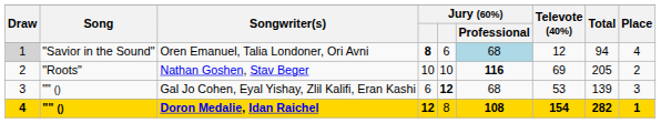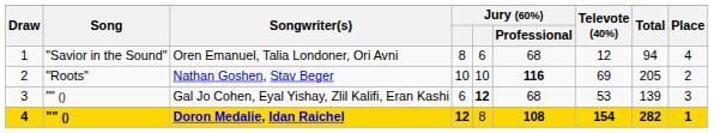 <table class="sortable wikitable" style="margin: 1em auto 1em auto; text-align:center">
 <tr>
 </tr>
 <tr>
 <th rowspan="2">Draw</th>
 <th rowspan="2">Song</th>
 <th rowspan="2" class="unsortable">Songwriter(s)</th>
 <th colspan="3">Jury <small>(60%)</small></th>
 <th rowspan="2">Televote<br><small>(40%)</small></th>
 <th rowspan="2">Total</th>
 <th rowspan="2">Place</th>
 </tr>
 <tr>
 <th></th>
 <th></th>
 <th>Professional</th>
 </tr>
 <tr>
-<td style="background: lightgrey;">1</td>
+<td>1</td>
 <td align="left">"Savior in the Sound"</td>
 <td align="left">Oren Emanuel, Talia Londoner, Ori Avni</td>
-<td><strong>8</strong></td>
+<td>8</td>
 <td>6</td>
-<td style="background: lightblue;">68</td>
+<td>68</td>
 <td>12</td>
 <td>94</td>
 <td>4</td>
 </tr>
 <tr>
 <td>2</td>
 <td align="left">"Roots"</td>
 <td align="left"><a href='#'>Nathan Goshen</a>, <a href='#'>Stav Beger</a></td>
 <td>10</td>
 <td>10</td>
 <td><strong>116</strong></td>
 <td>69</td>
 <td>205</td>
 <td>2</td>
 </tr>
 <tr>
 <td>3</td>
 <td align="left">"" <small>()</small></td>
 <td align="left">Gal Jo Cohen, Eyal Yishay, Zlil Kalifi, Eran Kashi</td>
 <td>6</td>
 <td><strong>12</strong></td>
 <td>68</td>
 <td>53</td>
 <td>139</td>
 <td>3</td>
 </tr>
 <tr style="background:gold;">
 <td><strong>4</strong></td>
 <td align="left"><strong>"" <small>()</small></strong></td>
 <td align="left"><strong><a href='#'>Doron Medalie</a>, <a href='#'>Idan Raichel</a></strong></td>
 <td><strong>12</strong></td>
 <td>8</td>
 <td><strong>108</strong></td>
 <td><strong>154</strong></td>
 <td><strong>282</strong></td>
 <td><strong>1</strong></td>
 </tr>
 </table>
